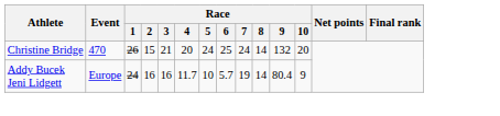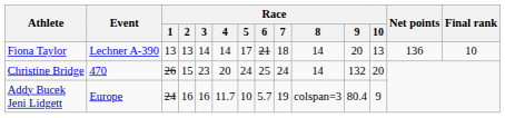 <table class="wikitable" style="font-size:90%">
 <tr>
 <th rowspan=2>Athlete</th>
 <th rowspan=2>Event</th>
 <th colspan=10>Race</th>
 <th rowspan=2>Net points</th>
 <th rowspan=2>Final rank</th>
 </tr>
 <tr style="font-size:95%">
 <th>1</th>
 <th>2</th>
 <th>3</th>
 <th>4</th>
 <th>5</th>
 <th>6</th>
 <th>7</th>
 <th>8</th>
 <th>9</th>
 <th>10</th>
 </tr>
 <tr align=center>
+<td align=left><a href='#'>Fiona Taylor</a></td>
+<td align=left><a href='#'>Lechner A-390</a></td>
+<td>13</td>
+<td>13</td>
+<td>14</td>
+<td>14</td>
+<td>17</td>
+<td><s>21</s></td>
+<td>18</td>
+<td>14</td>
+<td>20</td>
+<td>13</td>
+<td>136</td>
+<td>10</td>
+</tr>
+<tr align=center>
 <td align=left><a href='#'>Christine Bridge</a></td>
 <td align=left><a href='#'>470</a></td>
 <td><s>26</s></td>
 <td>15</td>
-<td>21</td>
+<td>23</td>
 <td>20</td>
 <td>24</td>
 <td>25</td>
 <td>24</td>
 <td>14</td>
 <td>132</td>
 <td>20</td>
 </tr>
 <tr align=center>
 <td align=left><a href='#'>Addy Bucek</a><br><a href='#'>Jeni Lidgett</a></td>
 <td align=left><a href='#'>Europe</a></td>
 <td><s>24</s></td>
 <td>16</td>
 <td>16</td>
 <td>11.7</td>
 <td>10</td>
 <td>5.7</td>
 <td>19</td>
-<td>14</td>
+<td>colspan=3</td>
 <td>80.4</td>
 <td>9</td>
 </tr>
 </table>
